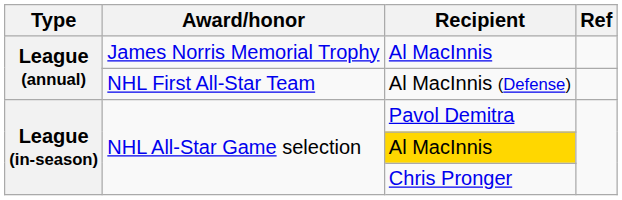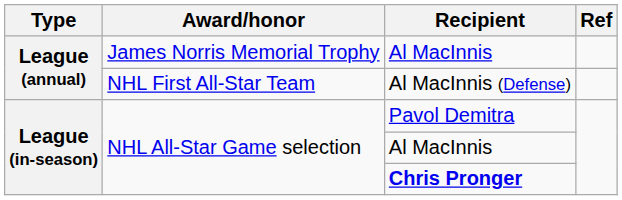 <table class="wikitable">
 <tr>
 <th scope="col">Type</th>
 <th scope="col">Award/honor</th>
 <th scope="col">Recipient</th>
 <th scope="col">Ref</th>
 </tr>
 <tr>
 <th scope="row" rowspan="2">League<br><small>(annual)</small></th>
 <td><a href='#'>James Norris Memorial Trophy</a></td>
 <td><a href='#'>Al MacInnis</a></td>
 <td></td>
 </tr>
 <tr>
 <td><a href='#'>NHL First All-Star Team</a></td>
 <td>Al MacInnis <small>(<a href='#'>Defense</a>)</small></td>
 <td></td>
 </tr>
 <tr>
 <th scope="row" rowspan="3">League<br><small>(in-season)</small></th>
 <td rowspan="3"><a href='#'>NHL All-Star Game</a> selection</td>
 <td><a href='#'>Pavol Demitra</a></td>
 <td rowspan="3"></td>
 </tr>
 <tr>
-<td style="background: gold;">Al MacInnis</td>
+<td>Al MacInnis</td>
 </tr>
 <tr>
-<td><a href='#'>Chris Pronger</a></td>
+<td><strong><a href='#'>Chris Pronger</a></strong></td>
 </tr>
 </table>
